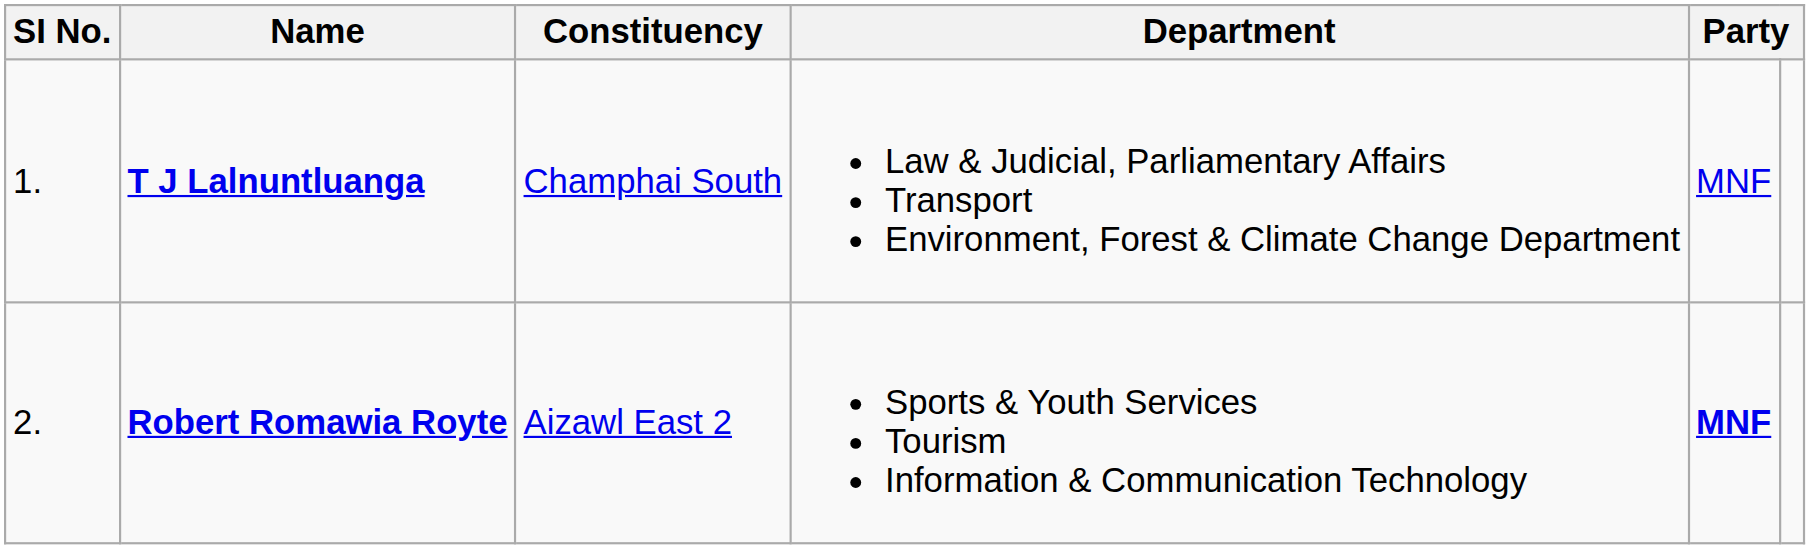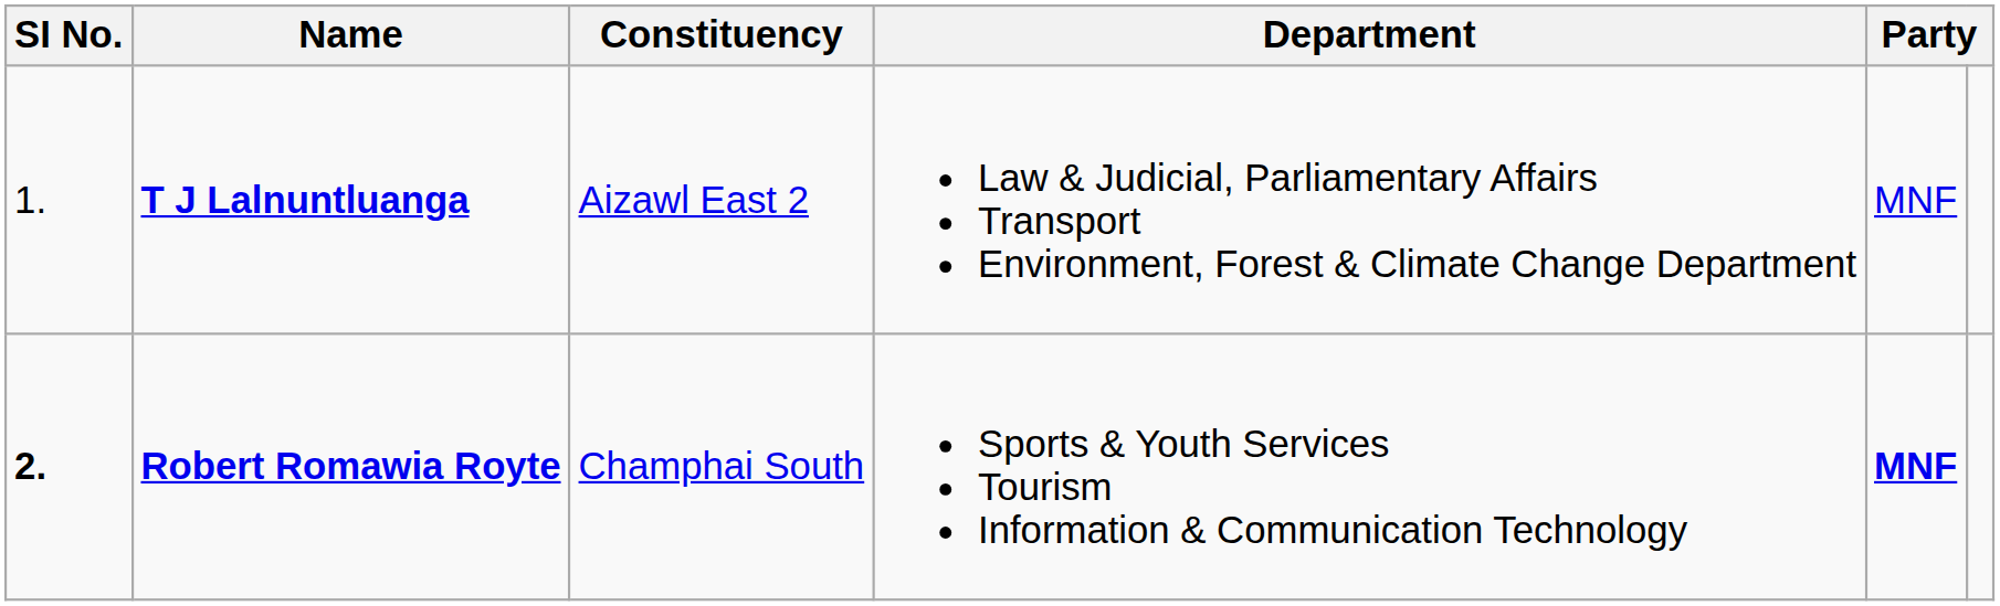 <table class ="wikitable">
 <tr>
 <th>SI No.</th>
 <th>Name</th>
 <th>Constituency</th>
 <th>Department</th>
 <th colspan="2" scope="col">Party</th>
 </tr>
 <tr>
 <td>1.</td>
 <td><strong><a href='#'>T J Lalnuntluanga</a></strong></td>
-<td><a href='#'>Champhai South</a></td>
+<td><a href='#'>Aizawl East 2</a></td>
 <td><br><ul><li>Law & Judicial, Parliamentary Affairs</li><li>Transport</li><li>Environment, Forest & Climate Change Department</li></ul></td>
 <td><a href='#'>MNF</a></td>
 <td width="4px" style="background-color: "></td>
 </tr>
 <tr>
-<td>2.</td>
+<td><strong>2.</strong></td>
 <td><strong><a href='#'>Robert Romawia Royte</a></strong></td>
-<td><a href='#'>Aizawl East 2</a></td>
+<td><a href='#'>Champhai South</a></td>
 <td><br><ul><li>Sports & Youth Services</li><li>Tourism</li><li>Information & Communication Technology</li></ul></td>
 <td><strong><a href='#'>MNF</a></strong></td>
 <td width="4px" style="background-color: "></td>
 </tr>
 </table>
